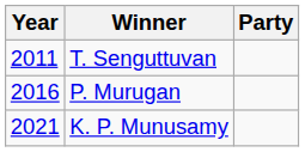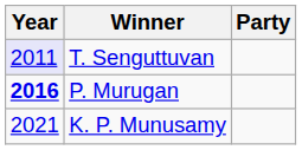 <table class="wikitable sortable">
 <tr>
 <th>Year</th>
 <th>Winner</th>
 <th colspan="2">Party</th>
 </tr>
 <tr>
-<td><a href='#'>2011</a></td>
+<td style="background: lavender;"><a href='#'>2011</a></td>
 <td><a href='#'>T. Senguttuvan</a></td>
 <td></td>
 </tr>
 <tr>
-<td><a href='#'>2016</a></td>
+<td><strong><a href='#'>2016</a></strong></td>
 <td><a href='#'>P. Murugan</a></td>
 <td></td>
 </tr>
 <tr>
 <td><a href='#'>2021</a></td>
 <td><a href='#'>K. P. Munusamy</a></td>
 <td></td>
 </tr>
 </table>
